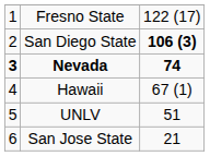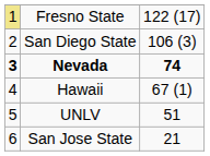 <table class="wikitable" style="display: inline-table;">
 <tr align="center">
 </tr>
 <tr align="center">
-<td>1</td>
+<td style="background: khaki;">1</td>
 <td>Fresno State</td>
 <td>122 (17)</td>
 </tr>
 <tr align="center">
 <td>2</td>
 <td>San Diego State</td>
-<td><strong>106 (3)</strong></td>
+<td>106 (3)</td>
 </tr>
 <tr align="center">
 <td><strong>3</strong></td>
 <td><strong>Nevada</strong></td>
 <td><strong>74</strong></td>
 </tr>
 <tr align="center">
 <td>4</td>
 <td>Hawaii</td>
 <td>67 (1)</td>
 </tr>
 <tr align="center">
 <td>5</td>
 <td>UNLV</td>
 <td>51</td>
 </tr>
 <tr align="center">
 <td>6</td>
 <td>San Jose State</td>
 <td>21</td>
 </tr>
 </table>
